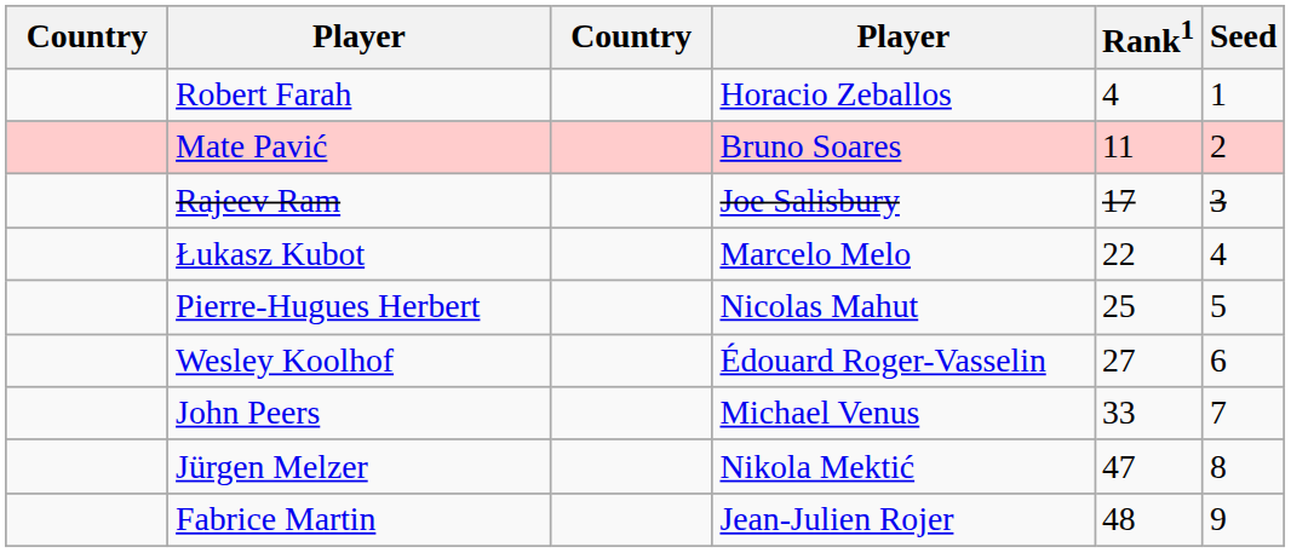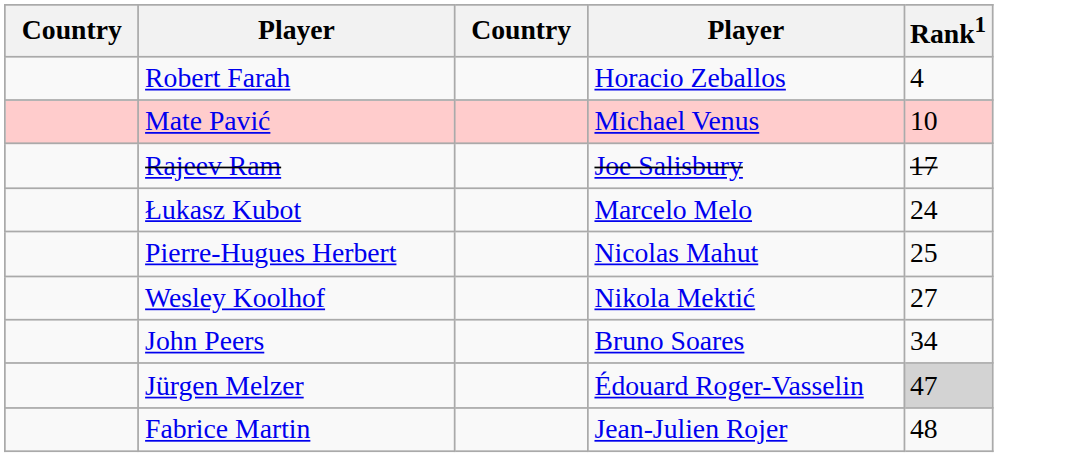 <table class="sortable wikitable">
 <tr>
 <th width="70">Country</th>
 <th width="175">Player</th>
 <th width="70">Country</th>
 <th width="175">Player</th>
 <th>Rank<sup>1</sup></th>
-<th>Seed</th>
 </tr>
 <tr>
 <td></td>
 <td><a href='#'>Robert Farah</a></td>
 <td></td>
 <td><a href='#'>Horacio Zeballos</a></td>
 <td>4</td>
-<td>1</td>
 </tr>
 <tr style="background:#fcc;">
 <td></td>
 <td><a href='#'>Mate Pavić</a></td>
 <td></td>
-<td><a href='#'>Bruno Soares</a></td>
-<td>11</td>
-<td>2</td>
+<td><a href='#'>Michael Venus</a></td>
+<td>10</td>
 </tr>
 <tr>
 <td><s></s></td>
 <td><s><a href='#'>Rajeev Ram</a></s></td>
 <td><s></s></td>
 <td><s><a href='#'>Joe Salisbury</a></s></td>
 <td><s>17</s></td>
-<td><s>3</s></td>
 </tr>
 <tr>
 <td></td>
 <td><a href='#'>Łukasz Kubot</a></td>
 <td></td>
 <td><a href='#'>Marcelo Melo</a></td>
-<td>22</td>
-<td>4</td>
+<td>24</td>
 </tr>
 <tr>
 <td></td>
 <td><a href='#'>Pierre-Hugues Herbert</a></td>
 <td></td>
 <td><a href='#'>Nicolas Mahut</a></td>
 <td>25</td>
-<td>5</td>
 </tr>
 <tr>
 <td></td>
 <td><a href='#'>Wesley Koolhof</a></td>
 <td></td>
-<td><a href='#'>Édouard Roger-Vasselin</a></td>
+<td><a href='#'>Nikola Mektić</a></td>
 <td>27</td>
-<td>6</td>
 </tr>
 <tr>
 <td></td>
 <td><a href='#'>John Peers</a></td>
 <td></td>
-<td><a href='#'>Michael Venus</a></td>
-<td>33</td>
-<td>7</td>
+<td><a href='#'>Bruno Soares</a></td>
+<td>34</td>
 </tr>
 <tr>
 <td></td>
 <td><a href='#'>Jürgen Melzer</a></td>
 <td></td>
-<td><a href='#'>Nikola Mektić</a></td>
-<td>47</td>
-<td>8</td>
+<td><a href='#'>Édouard Roger-Vasselin</a></td>
+<td style="background: lightgrey;">47</td>
 </tr>
 <tr>
 <td></td>
 <td><a href='#'>Fabrice Martin</a></td>
 <td></td>
 <td><a href='#'>Jean-Julien Rojer</a></td>
 <td>48</td>
-<td>9</td>
 </tr>
 </table>
